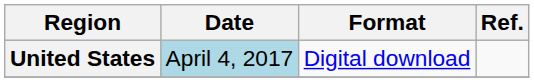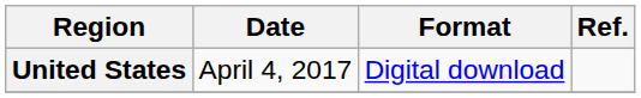 <table class="wikitable plainrowheaders">
 <tr>
 <th>Region</th>
 <th>Date</th>
 <th>Format</th>
 <th>Ref.</th>
 </tr>
 <tr>
 <th scope="row">United States</th>
-<td style="background: lightblue;">April 4, 2017</td>
+<td>April 4, 2017</td>
 <td><a href='#'>Digital download</a></td>
 <td></td>
 </tr>
 <tr>
 </tr>
 </table>
